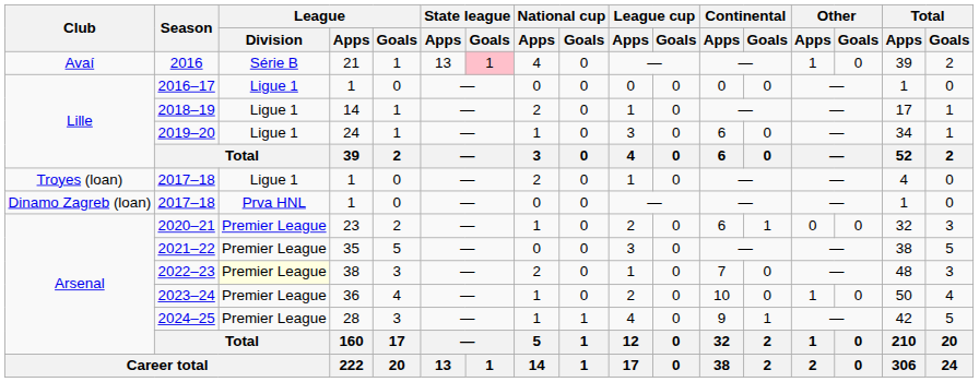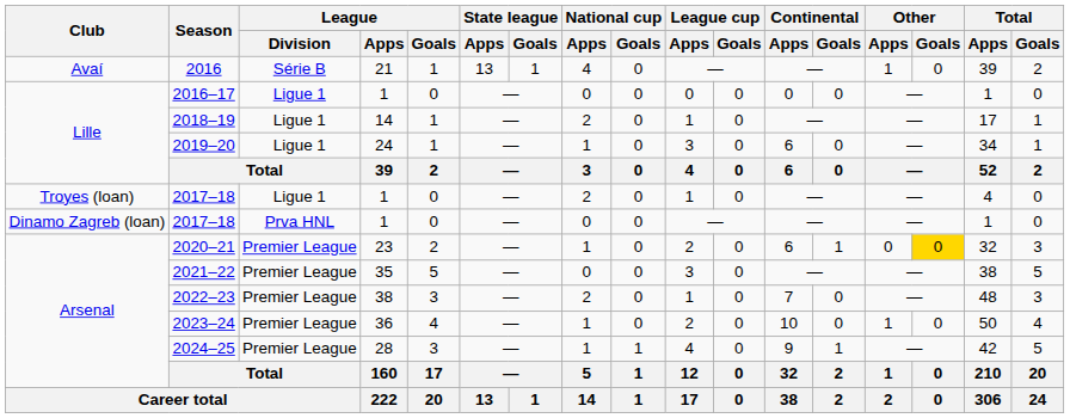 <table class=wikitable style="text-align:center">
 <tr>
 <th rowspan="2">Club</th>
 <th rowspan="2">Season</th>
 <th colspan="3">League</th>
 <th colspan="2">State league</th>
 <th colspan="2">National cup</th>
 <th colspan="2">League cup</th>
 <th colspan="2">Continental</th>
 <th colspan="2">Other</th>
 <th colspan="2">Total</th>
 </tr>
 <tr>
 <th>Division</th>
 <th>Apps</th>
 <th>Goals</th>
 <th>Apps</th>
 <th>Goals</th>
 <th>Apps</th>
 <th>Goals</th>
 <th>Apps</th>
 <th>Goals</th>
 <th>Apps</th>
 <th>Goals</th>
 <th>Apps</th>
 <th>Goals</th>
 <th>Apps</th>
 <th>Goals</th>
 </tr>
 <tr>
 <td><a href='#'>Avaí</a></td>
 <td><a href='#'>2016</a></td>
 <td><a href='#'>Série B</a></td>
 <td>21</td>
 <td>1</td>
 <td>13</td>
-<td style="background: pink;">1</td>
+<td>1</td>
 <td>4</td>
 <td>0</td>
 <td colspan="2">—</td>
 <td colspan="2">—</td>
 <td>1</td>
 <td>0</td>
 <td>39</td>
 <td>2</td>
 </tr>
 <tr>
 <td rowspan="4"><a href='#'>Lille</a></td>
 <td><a href='#'>2016–17</a></td>
 <td><a href='#'>Ligue 1</a></td>
 <td>1</td>
 <td>0</td>
 <td colspan="2">—</td>
 <td>0</td>
 <td>0</td>
 <td>0</td>
 <td>0</td>
 <td>0</td>
 <td>0</td>
 <td colspan="2">—</td>
 <td>1</td>
 <td>0</td>
 </tr>
 <tr>
 <td><a href='#'>2018–19</a></td>
 <td>Ligue 1</td>
 <td>14</td>
 <td>1</td>
 <td colspan="2">—</td>
 <td>2</td>
 <td>0</td>
 <td>1</td>
 <td>0</td>
 <td colspan="2">—</td>
 <td colspan="2">—</td>
 <td>17</td>
 <td>1</td>
 </tr>
 <tr>
 <td><a href='#'>2019–20</a></td>
 <td>Ligue 1</td>
 <td>24</td>
 <td>1</td>
 <td colspan="2">—</td>
 <td>1</td>
 <td>0</td>
 <td>3</td>
 <td>0</td>
 <td>6</td>
 <td>0</td>
 <td colspan="2">—</td>
 <td>34</td>
 <td>1</td>
 </tr>
 <tr>
 <th colspan="2">Total</th>
 <th>39</th>
 <th>2</th>
 <th colspan="2">—</th>
 <th>3</th>
 <th>0</th>
 <th>4</th>
 <th>0</th>
 <th>6</th>
 <th>0</th>
 <th colspan="2">—</th>
 <th>52</th>
 <th>2</th>
 </tr>
 <tr>
 <td><a href='#'>Troyes</a> (loan)</td>
 <td><a href='#'>2017–18</a></td>
 <td>Ligue 1</td>
 <td>1</td>
 <td>0</td>
 <td colspan="2">—</td>
 <td>2</td>
 <td>0</td>
 <td>1</td>
 <td>0</td>
 <td colspan="2">—</td>
 <td colspan="2">—</td>
 <td>4</td>
 <td>0</td>
 </tr>
 <tr>
 <td><a href='#'>Dinamo Zagreb</a> (loan)</td>
 <td><a href='#'>2017–18</a></td>
 <td><a href='#'>Prva HNL</a></td>
 <td>1</td>
 <td>0</td>
 <td colspan="2">—</td>
 <td>0</td>
 <td>0</td>
 <td colspan="2">—</td>
 <td colspan="2">—</td>
 <td colspan="2">—</td>
 <td>1</td>
 <td>0</td>
 </tr>
 <tr>
 <td rowspan="6"><a href='#'>Arsenal</a></td>
 <td><a href='#'>2020–21</a></td>
 <td><a href='#'>Premier League</a></td>
 <td>23</td>
 <td>2</td>
 <td colspan="2">—</td>
 <td>1</td>
 <td>0</td>
 <td>2</td>
 <td>0</td>
 <td>6</td>
 <td>1</td>
 <td>0</td>
-<td>0</td>
+<td style="background: gold;">0</td>
 <td>32</td>
 <td>3</td>
 </tr>
 <tr>
 <td><a href='#'>2021–22</a></td>
 <td>Premier League</td>
 <td>35</td>
 <td>5</td>
 <td colspan="2">—</td>
 <td>0</td>
 <td>0</td>
 <td>3</td>
 <td>0</td>
 <td colspan="2">—</td>
 <td colspan="2">—</td>
 <td>38</td>
 <td>5</td>
 </tr>
 <tr>
 <td><a href='#'>2022–23</a></td>
-<td style="background: lightyellow;">Premier League</td>
+<td>Premier League</td>
 <td>38</td>
 <td>3</td>
 <td colspan="2">—</td>
 <td>2</td>
 <td>0</td>
 <td>1</td>
 <td>0</td>
 <td>7</td>
 <td>0</td>
 <td colspan="2">—</td>
 <td>48</td>
 <td>3</td>
 </tr>
 <tr>
 <td><a href='#'>2023–24</a></td>
 <td>Premier League</td>
 <td>36</td>
 <td>4</td>
 <td colspan="2">—</td>
 <td>1</td>
 <td>0</td>
 <td>2</td>
 <td>0</td>
 <td>10</td>
 <td>0</td>
 <td>1</td>
 <td>0</td>
 <td>50</td>
 <td>4</td>
 </tr>
 <tr>
 <td><a href='#'>2024–25</a></td>
 <td>Premier League</td>
 <td>28</td>
 <td>3</td>
 <td colspan="2">—</td>
 <td>1</td>
 <td>1</td>
 <td>4</td>
 <td>0</td>
 <td>9</td>
 <td>1</td>
 <td colspan="2">—</td>
 <td>42</td>
 <td>5</td>
 </tr>
 <tr>
 <th colspan="2">Total</th>
 <th>160</th>
 <th>17</th>
 <th colspan="2">—</th>
 <th>5</th>
 <th>1</th>
 <th>12</th>
 <th>0</th>
 <th>32</th>
 <th>2</th>
 <th>1</th>
 <th>0</th>
 <th>210</th>
 <th>20</th>
 </tr>
 <tr>
 <th colspan="3">Career total</th>
 <th>222</th>
 <th>20</th>
 <th>13</th>
 <th>1</th>
 <th>14</th>
 <th>1</th>
 <th>17</th>
 <th>0</th>
 <th>38</th>
 <th>2</th>
 <th>2</th>
 <th>0</th>
 <th>306</th>
 <th>24</th>
 </tr>
 </table>
